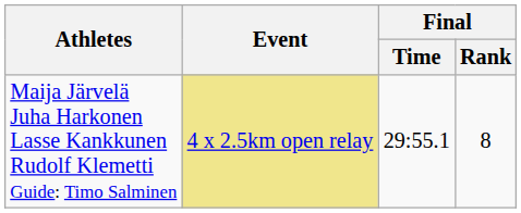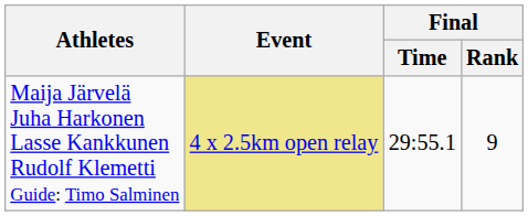 <table class="wikitable" style="font-size:100%">
 <tr>
 <th rowspan="2">Athletes</th>
 <th rowspan="2">Event</th>
 <th colspan="2">Final</th>
 </tr>
 <tr>
 <th>Time</th>
 <th>Rank</th>
 </tr>
 <tr>
 <td><a href='#'>Maija Järvelä</a><br><a href='#'>Juha Harkonen</a><br><a href='#'>Lasse Kankkunen</a><br><a href='#'>Rudolf Klemetti</a><br><small><a href='#'>Guide</a>: <a href='#'>Timo Salminen</a></small></td>
 <td style="background: khaki;"><a href='#'>4 x 2.5km open relay</a></td>
 <td align="center">29:55.1</td>
-<td align="center">8</td>
+<td align="center">9</td>
 </tr>
 </table>
